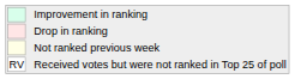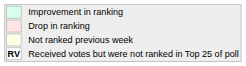 <table align=right style="font-size:90%; border:1px solid #aaaaaa; white-space:nowrap; background:#eeeeee;">
 <tr>
 <td style="background:#d8ffeb; width:20px; border:1px solid #aaaaaa;"> </td>
 <td rowspan=5> </td>
 <td>Improvement in ranking</td>
 </tr>
 <tr>
 <td style="background:#ffe6e6; width:20px; border:1px solid #aaaaaa;"> </td>
 <td>Drop in ranking</td>
 </tr>
 <tr>
 <td style="background:#ffffe6; width:20px; border:1px solid #aaaaaa;"> </td>
 <td>Not ranked previous week</td>
 </tr>
 <tr>
-<td align=center style="width:20px; border:1px solid #aaaaaa; background:white;">RV</td>
+<td align=center style="width:20px; border:1px solid #aaaaaa; background:white;"><strong>RV</strong></td>
 <td>Received votes but were not ranked in Top 25 of poll</td>
 </tr>
 </table>
